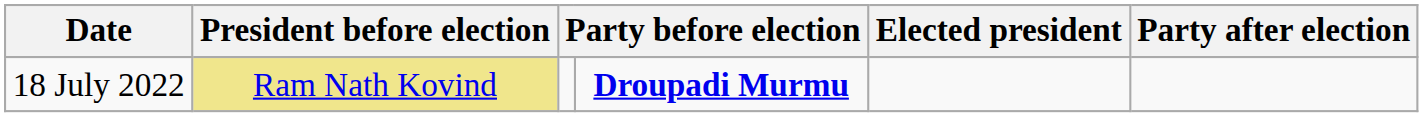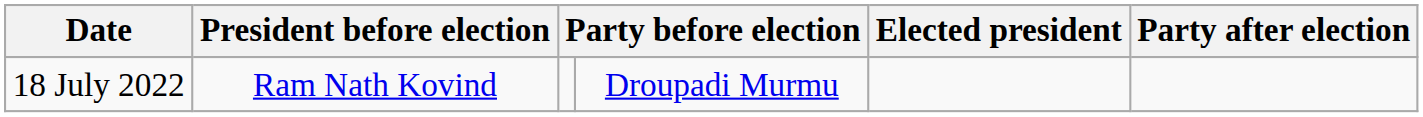 <table class="wikitable sortable" style="text-align:center;">
 <tr>
 <th>Date</th>
 <th>President before election</th>
 <th colspan="2">Party before election</th>
 <th>Elected president</th>
 <th colspan="2">Party after election</th>
 </tr>
 <tr>
 <td>18 July 2022</td>
-<td style="background: khaki;"><a href='#'>Ram Nath Kovind</a></td>
+<td><a href='#'>Ram Nath Kovind</a></td>
 <td></td>
-<td><strong><a href='#'>Droupadi Murmu</a></strong></td>
+<td><a href='#'>Droupadi Murmu</a></td>
 <td></td>
 </tr>
 </table>
